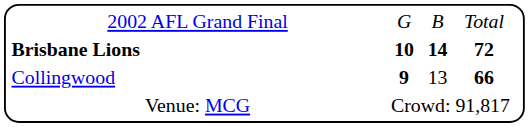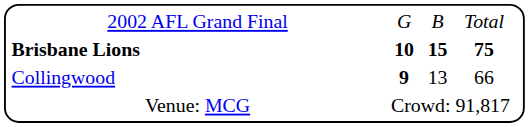 <table style="margin-right:4px; margin-left:4px; margin-top:8px; float:right; border:1px #000 solid; border-radius:8px; background:#fff; font-family:Verdana; font-size:8pt; text-align:center;">
 <tr>
 <td width="200"><a href='#'>2002 AFL Grand Final</a></td>
 <td><em>G</em></td>
 <td><em>B</em></td>
 <td><em>Total</em></td>
 </tr>
 <tr>
 <td style="text-align:left"><strong>Brisbane Lions</strong></td>
 <td><strong>10</strong></td>
-<td><strong>14</strong></td>
-<td><strong>72</strong></td>
+<td><strong>15</strong></td>
+<td><strong>75</strong></td>
 </tr>
 <tr>
 <td style="text-align:left"><a href='#'>Collingwood</a></td>
 <td><strong>9</strong></td>
 <td>13</td>
-<td><strong>66</strong></td>
+<td>66</td>
 </tr>
 <tr>
 <td>Venue: <a href='#'>MCG</a></td>
 <td colspan="3">Crowd: 91,817</td>
 <td colspan="3"></td>
 </tr>
 </table>
